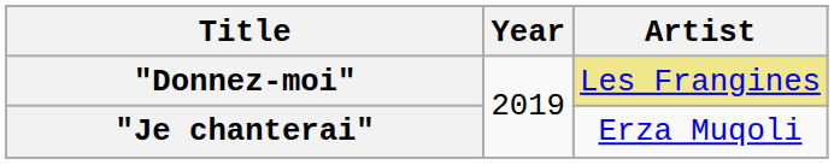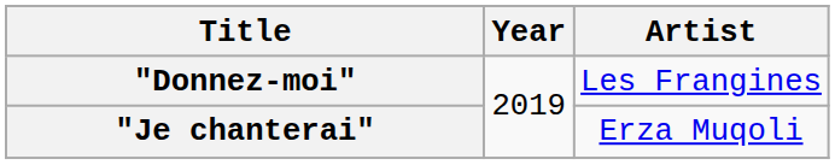 <table class="wikitable plainrowheaders" style="text-align:center;">
 <tr>
 <th scope="col" style="width:15em;">Title</th>
 <th scope="col" style="width:1em;">Year</th>
 <th scope="col">Artist</th>
 </tr>
 <tr>
 <th scope="row">"Donnez-moi"</th>
 <td rowspan="2">2019</td>
-<td style="background: khaki;"><a href='#'>Les Frangines</a></td>
+<td><a href='#'>Les Frangines</a></td>
 </tr>
 <tr>
 <th scope="row">"Je chanterai"</th>
 <td><a href='#'>Erza Muqoli</a></td>
 </tr>
 </table>
